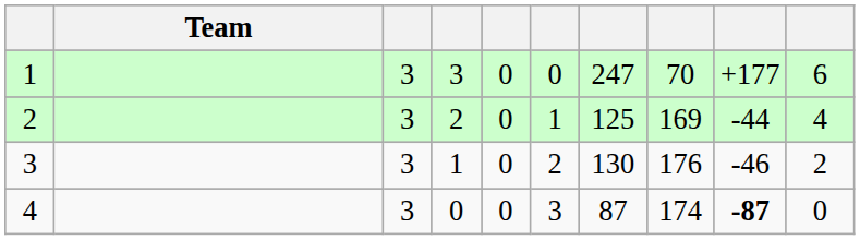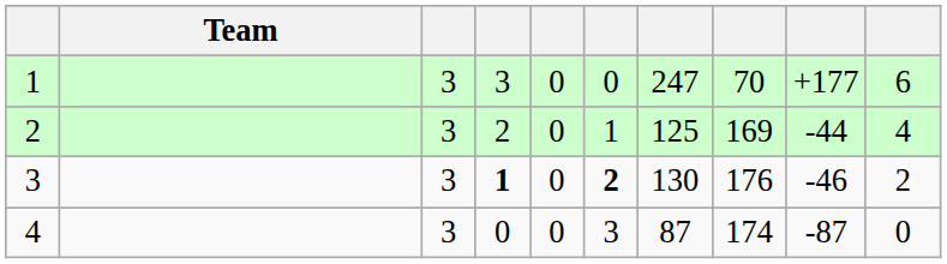 <table class=wikitable style=text-align:center>
 <tr>
 <th width=20 abbr=Position></th>
 <th width=175>Team</th>
 <th width=20 abbr=Played></th>
 <th width=20 abbr=Won></th>
 <th width=20 abbr=Drawn></th>
 <th width=20 abbr=Lost></th>
 <th width=30 abbr=Goal For></th>
 <th width=30 abbr=Goal Against></th>
 <th width=30 abbr=Goal Difference></th>
 <th width=30 abbr=Points></th>
 </tr>
 <tr bgcolor=#CCFFCC>
 <td>1 </td>
 <td align=left></td>
 <td>3</td>
 <td>3</td>
 <td>0</td>
 <td>0</td>
 <td>247</td>
 <td>70</td>
 <td>+177</td>
 <td>6</td>
 </tr>
 <tr bgcolor=#CCFFCC>
 <td>2 </td>
 <td align=left></td>
 <td>3</td>
 <td>2</td>
 <td>0</td>
 <td>1</td>
 <td>125</td>
 <td>169</td>
 <td>-44</td>
 <td>4</td>
 </tr>
 <tr>
 <td>3 </td>
 <td align=left></td>
 <td>3</td>
-<td>1</td>
+<td><strong>1</strong></td>
 <td>0</td>
-<td>2</td>
+<td><strong>2</strong></td>
 <td>130</td>
 <td>176</td>
 <td>-46</td>
 <td>2</td>
 </tr>
 <tr>
 <td>4 </td>
 <td align=left></td>
 <td>3</td>
 <td>0</td>
 <td>0</td>
 <td>3</td>
 <td>87</td>
 <td>174</td>
-<td><strong>-87</strong></td>
+<td>-87</td>
 <td>0</td>
 </tr>
 </table>
